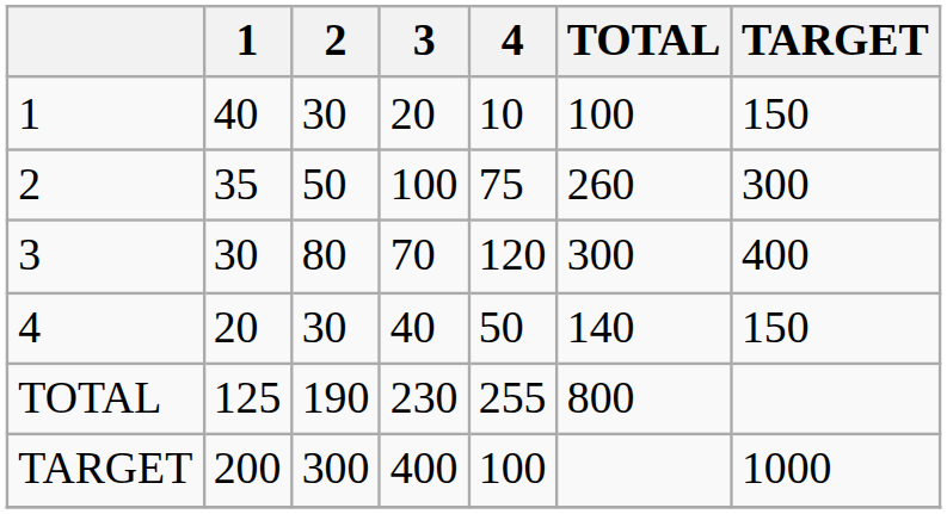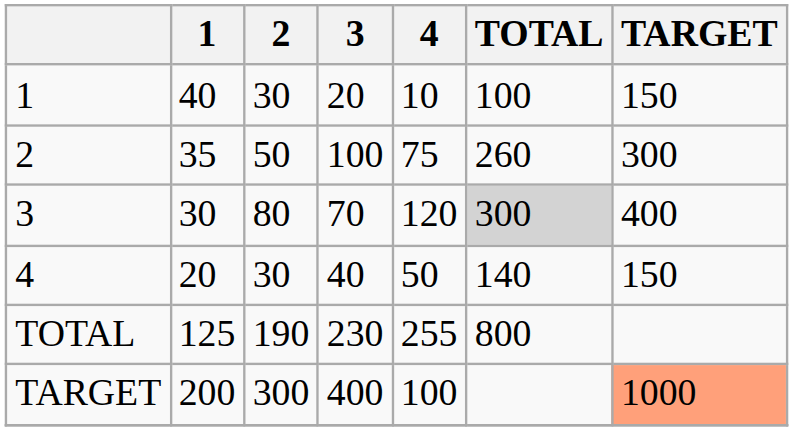 <table class="wikitable" style="margin:1em auto;">
 <tr>
 <th></th>
 <th>1</th>
 <th>2</th>
 <th>3</th>
 <th>4</th>
 <th>TOTAL</th>
 <th>TARGET</th>
 </tr>
 <tr>
 <td>1</td>
 <td>40</td>
 <td>30</td>
 <td>20</td>
 <td>10</td>
 <td>100</td>
 <td>150</td>
 </tr>
 <tr>
 <td>2</td>
 <td>35</td>
 <td>50</td>
 <td>100</td>
 <td>75</td>
 <td>260</td>
 <td>300</td>
 </tr>
 <tr>
 <td>3</td>
 <td>30</td>
 <td>80</td>
 <td>70</td>
 <td>120</td>
-<td>300</td>
+<td style="background: lightgrey;">300</td>
 <td>400</td>
 </tr>
 <tr>
 <td>4</td>
 <td>20</td>
 <td>30</td>
 <td>40</td>
 <td>50</td>
 <td>140</td>
 <td>150</td>
 </tr>
 <tr>
 <td>TOTAL</td>
 <td>125</td>
 <td>190</td>
 <td>230</td>
 <td>255</td>
 <td>800</td>
 <td></td>
 </tr>
 <tr>
 <td>TARGET</td>
 <td>200</td>
 <td>300</td>
 <td>400</td>
 <td>100</td>
 <td></td>
-<td>1000</td>
+<td style="background: lightsalmon;">1000</td>
 </tr>
 <tr>
 </tr>
 </table>
